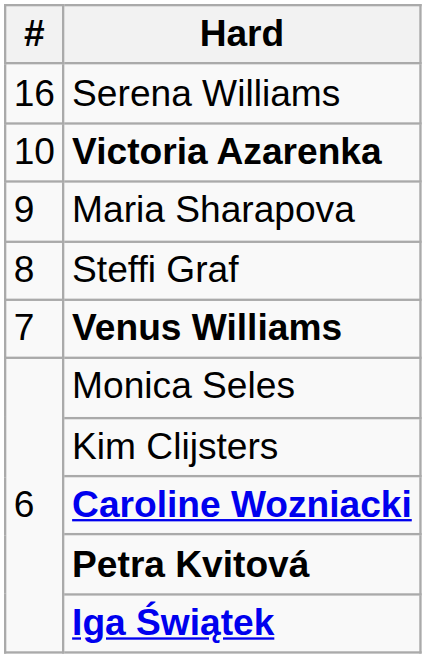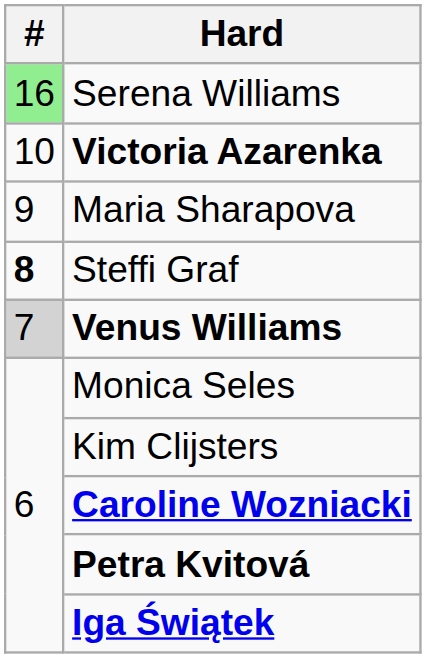 <table class="wikitable">
 <tr>
 <th>#</th>
 <th>Hard</th>
 </tr>
 <tr>
-<td>16</td>
+<td style="background: lightgreen;">16</td>
 <td> Serena Williams</td>
 </tr>
 <tr>
 <td>10</td>
 <td> <strong> Victoria Azarenka </strong></td>
 </tr>
 <tr>
 <td>9</td>
 <td> Maria Sharapova</td>
 </tr>
 <tr>
-<td>8</td>
+<td><strong>8</strong></td>
 <td> Steffi Graf</td>
 </tr>
 <tr>
-<td>7</td>
+<td style="background: lightgrey;">7</td>
 <td> <strong>Venus Williams</strong></td>
 </tr>
 <tr>
 <td rowspan="5">6</td>
 <td> Monica Seles</td>
 </tr>
 <tr>
 <td> Kim Clijsters</td>
 </tr>
 <tr>
 <td> <strong><a href='#'>Caroline Wozniacki</a></strong></td>
 </tr>
 <tr>
 <td> <strong>Petra Kvitová</strong></td>
 </tr>
 <tr>
 <td> <strong><a href='#'>Iga Świątek</a></strong></td>
 </tr>
 </table>
